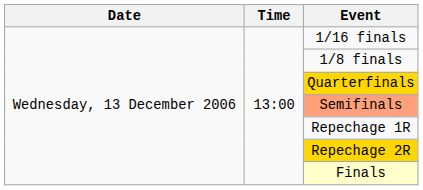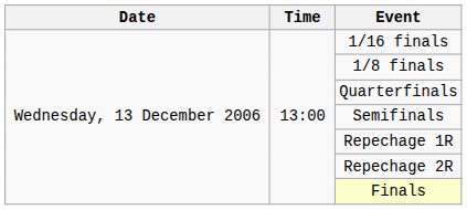 <table class = "wikitable" style="text-align:center;">
 <tr>
 <th width=220>Date</th>
 <th width=50>Time</th>
 <th width=100>Event</th>
 </tr>
 <tr>
 <td rowspan=7>Wednesday, 13 December 2006</td>
 <td rowspan=7>13:00</td>
 <td>1/16 finals</td>
 </tr>
 <tr>
 <td>1/8 finals</td>
 </tr>
 <tr>
-<td style="background: gold;">Quarterfinals</td>
+<td>Quarterfinals</td>
 </tr>
 <tr>
-<td style="background: lightsalmon;">Semifinals</td>
+<td>Semifinals</td>
 </tr>
 <tr>
 <td>Repechage 1R</td>
 </tr>
 <tr>
-<td style="background: gold;">Repechage 2R</td>
+<td>Repechage 2R</td>
 </tr>
 <tr>
 <td bgcolor=ffffcc>Finals</td>
 </tr>
 </table>
